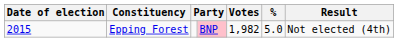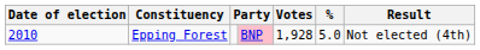 <table class="wikitable">
 <tr>
 <th>Date of election</th>
 <th>Constituency</th>
 <th colspan="2">Party</th>
 <th>Votes</th>
 <th>%</th>
 <th>Result</th>
 </tr>
 <tr>
-<td><a href='#'>2015</a></td>
+<td><a href='#'>2010</a></td>
 <td><a href='#'>Epping Forest</a></td>
 <td style="background-color: "></td>
 <td style="background: pink;"><a href='#'>BNP</a></td>
-<td>1,982</td>
+<td>1,928</td>
 <td>5.0</td>
 <td>Not elected (4th)</td>
 </tr>
 </table>
